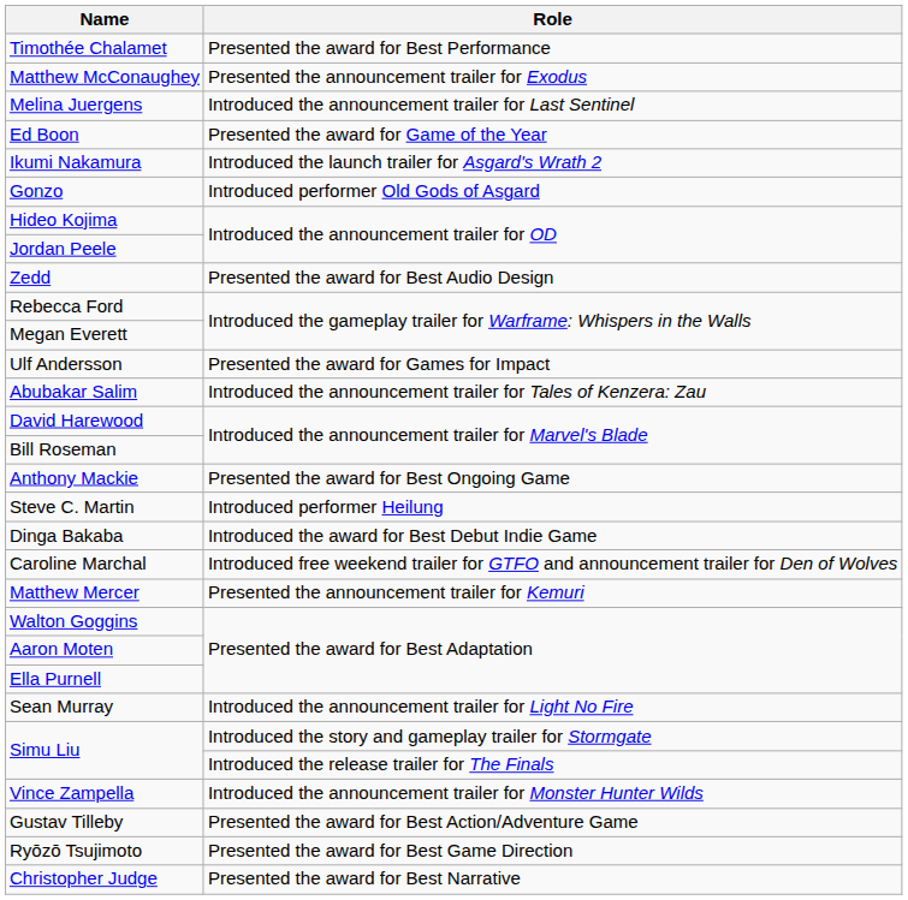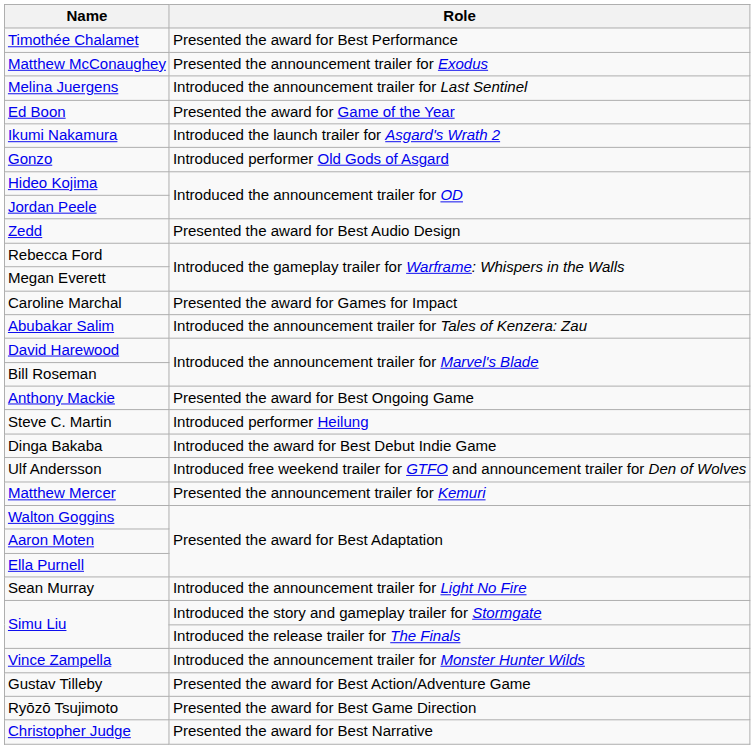 <table class="wikitable sortable">
 <tr>
 <th>Name</th>
 <th class="unsortable">Role</th>
 </tr>
 <tr>
 <td data-sort-value="Chalamet, Timothée"><a href='#'>Timothée Chalamet</a></td>
 <td>Presented the award for Best Performance</td>
 </tr>
 <tr>
 <td data-sort-value="McConaughey, Matthew"><a href='#'>Matthew McConaughey</a></td>
 <td>Presented the announcement trailer for <em><a href='#'>Exodus</a></em></td>
 </tr>
 <tr>
 <td data-sort-value="Juergens, Melina"><a href='#'>Melina Juergens</a></td>
 <td>Introduced the announcement trailer for <em>Last Sentinel</em></td>
 </tr>
 <tr>
 <td data-sort-value="Boon, Ed"><a href='#'>Ed Boon</a></td>
 <td>Presented the award for <a href='#'>Game of the Year</a></td>
 </tr>
 <tr>
 <td data-sort-value="Nakamura, Ikumi"><a href='#'>Ikumi Nakamura</a></td>
 <td>Introduced the launch trailer for <em><a href='#'>Asgard's Wrath 2</a></em></td>
 </tr>
 <tr>
 <td><a href='#'>Gonzo</a></td>
 <td>Introduced performer <a href='#'>Old Gods of Asgard</a></td>
 </tr>
 <tr>
 <td data-sort-value="Kojima, Hideo"><a href='#'>Hideo Kojima</a></td>
 <td rowspan="2">Introduced the announcement trailer for <em><a href='#'>OD</a></em></td>
 </tr>
 <tr>
 <td data-sort-value="Peele, Jordan"><a href='#'>Jordan Peele</a></td>
 </tr>
 <tr>
 <td><a href='#'>Zedd</a></td>
 <td>Presented the award for Best Audio Design</td>
 </tr>
 <tr>
 <td data-sort-value="Ford, Rebecca">Rebecca Ford</td>
 <td rowspan="2">Introduced the gameplay trailer for <em><a href='#'>Warframe</a>: Whispers in the Walls</em></td>
 </tr>
 <tr>
 <td data-sort-value="Everett, Megan">Megan Everett</td>
 </tr>
 <tr>
-<td data-sort-value="Andersson, Ulf">Ulf Andersson</td>
+<td data-sort-value="Marchal, Caroline">Caroline Marchal</td>
 <td>Presented the award for Games for Impact</td>
 </tr>
 <tr>
 <td data-sort-value="Salim, Abubakar"><a href='#'>Abubakar Salim</a></td>
 <td>Introduced the announcement trailer for <em>Tales of Kenzera: Zau</em></td>
 </tr>
 <tr>
 <td data-sort-value="Harewood, David"><a href='#'>David Harewood</a></td>
 <td rowspan="2">Introduced the announcement trailer for <em><a href='#'>Marvel's Blade</a></em></td>
 </tr>
 <tr>
 <td data-sort-value="Roseman, Bill">Bill Roseman</td>
 </tr>
 <tr>
 <td data-sort-value="Mackie, Anthony"><a href='#'>Anthony Mackie</a></td>
 <td>Presented the award for Best Ongoing Game</td>
 </tr>
 <tr>
 <td data-sort-value="Martin, Steve">Steve C. Martin</td>
 <td>Introduced performer <a href='#'>Heilung</a></td>
 </tr>
 <tr>
 <td data-sort-value="Bakaba, Dinga">Dinga Bakaba</td>
 <td>Introduced the award for Best Debut Indie Game</td>
 </tr>
 <tr>
-<td data-sort-value="Marchal, Caroline">Caroline Marchal</td>
+<td data-sort-value="Andersson, Ulf">Ulf Andersson</td>
 <td>Introduced free weekend trailer for <em><a href='#'>GTFO</a></em> and announcement trailer for <em>Den of Wolves</em></td>
 </tr>
 <tr>
 <td data-sort-value="Mercer, Matthew"><a href='#'>Matthew Mercer</a></td>
 <td>Presented the announcement trailer for <em><a href='#'>Kemuri</a></em></td>
 </tr>
 <tr>
 <td data-sort-value="Goggins, Walton"><a href='#'>Walton Goggins</a></td>
 <td rowspan="3">Presented the award for Best Adaptation</td>
 </tr>
 <tr>
 <td data-sort-value="Moten, Aaron"><a href='#'>Aaron Moten</a></td>
 </tr>
 <tr>
 <td data-sort-value="Purnell, Ella"><a href='#'>Ella Purnell</a></td>
 </tr>
 <tr>
 <td data-sort-value="Murray, Sean">Sean Murray</td>
 <td>Introduced the announcement trailer for <em><a href='#'>Light No Fire</a></em></td>
 </tr>
 <tr>
 <td data-sort-value="Liu, Simu" rowspan="2"><a href='#'>Simu Liu</a></td>
 <td>Introduced the story and gameplay trailer for <em><a href='#'>Stormgate</a></em></td>
 </tr>
 <tr>
 <td>Introduced the release trailer for <em><a href='#'>The Finals</a></em></td>
 </tr>
 <tr>
 <td data-sort-value="Zampella, Vince"><a href='#'>Vince Zampella</a></td>
 <td>Introduced the announcement trailer for <em><a href='#'>Monster Hunter Wilds</a></em></td>
 </tr>
 <tr>
 <td data-sort-value="Tilleby, Gustav">Gustav Tilleby</td>
 <td>Presented the award for Best Action/Adventure Game</td>
 </tr>
 <tr>
 <td data-sort-value="Tsujimoto, Ryōzō">Ryōzō Tsujimoto</td>
 <td>Presented the award for Best Game Direction</td>
 </tr>
 <tr>
 <td data-sort-value="Judge, Christopher"><a href='#'>Christopher Judge</a></td>
 <td>Presented the award for Best Narrative</td>
 </tr>
 </table>
